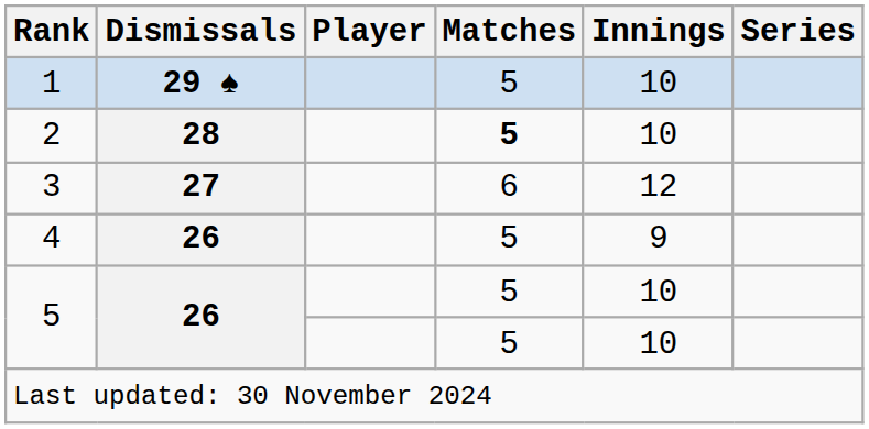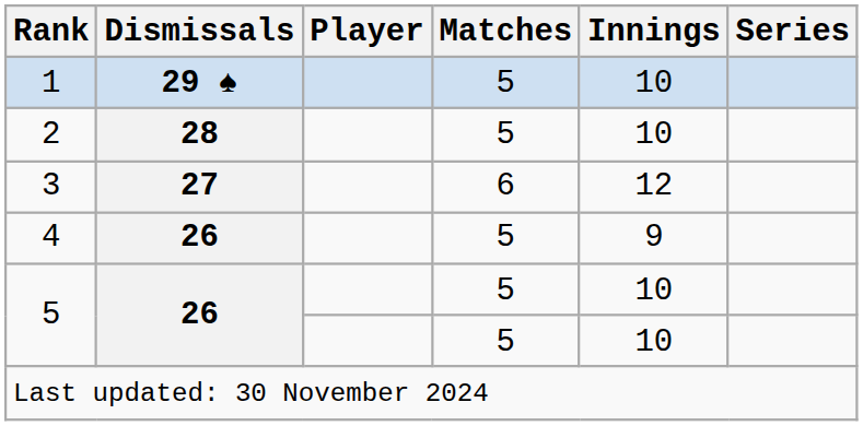 <table class="wikitable plainrowheaders sortable">
 <tr>
 <th scope=col>Rank</th>
 <th scope=col>Dismissals</th>
 <th scope=col>Player</th>
 <th scope=col>Matches</th>
 <th scope=col>Innings</th>
 <th scope=col>Series</th>
 </tr>
 <tr bgcolor=#cee0f2>
 <td align=center>1</td>
 <th scope=row style="background:#cee0f2; text-align:center;">29 ♠</th>
 <td></td>
 <td align=center>5</td>
 <td align=center>10</td>
 <td></td>
 </tr>
 <tr>
 <td align=center>2</td>
 <th scope=row style=text-align:center;>28</th>
 <td></td>
-<td align=center><strong>5</strong></td>
+<td align=center>5</td>
 <td align=center>10</td>
 <td></td>
 </tr>
 <tr>
 <td align=center>3</td>
 <th scope=row style=text-align:center;>27</th>
 <td></td>
 <td align=center>6</td>
 <td align=center>12</td>
 <td></td>
 </tr>
 <tr>
 <td align=center>4</td>
 <th scope=row style=text-align:center;>26</th>
 <td></td>
 <td align=center>5</td>
 <td align=center>9</td>
 <td></td>
 </tr>
 <tr>
 <td align=center rowspan=2>5</td>
 <th scope=row style=text-align:center; rowspan=2>26</th>
 <td></td>
 <td align=center>5</td>
 <td align=center>10</td>
 <td></td>
 </tr>
 <tr>
 <td></td>
 <td align=center>5</td>
 <td align=center>10</td>
 <td></td>
 </tr>
 <tr class=sortbottom>
 <td colspan=6><small>Last updated: 30 November 2024</small></td>
 </tr>
 </table>
